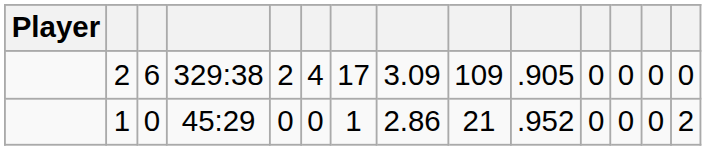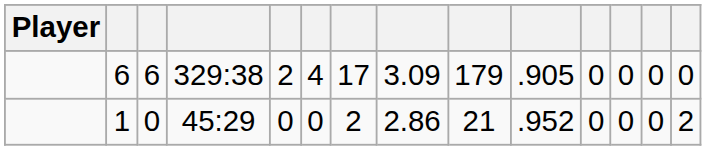 <table class="wikitable sortable" style="text-align:center;">
 <tr>
 <th>Player</th>
 <th></th>
 <th></th>
 <th></th>
 <th></th>
 <th></th>
 <th></th>
 <th></th>
 <th></th>
 <th></th>
 <th></th>
 <th></th>
 <th></th>
 <th></th>
 </tr>
 <tr>
 <td></td>
-<td>2</td>
+<td>6</td>
 <td>6</td>
 <td>329:38</td>
 <td>2</td>
 <td>4</td>
 <td>17</td>
 <td>3.09</td>
-<td>109</td>
+<td>179</td>
 <td>.905</td>
 <td>0</td>
 <td>0</td>
 <td>0</td>
 <td>0</td>
 </tr>
 <tr>
 <td></td>
 <td>1</td>
 <td>0</td>
 <td>45:29</td>
 <td>0</td>
 <td>0</td>
-<td>1</td>
+<td>2</td>
 <td>2.86</td>
 <td>21</td>
 <td>.952</td>
 <td>0</td>
 <td>0</td>
 <td>0</td>
 <td>2</td>
 </tr>
 </table>
